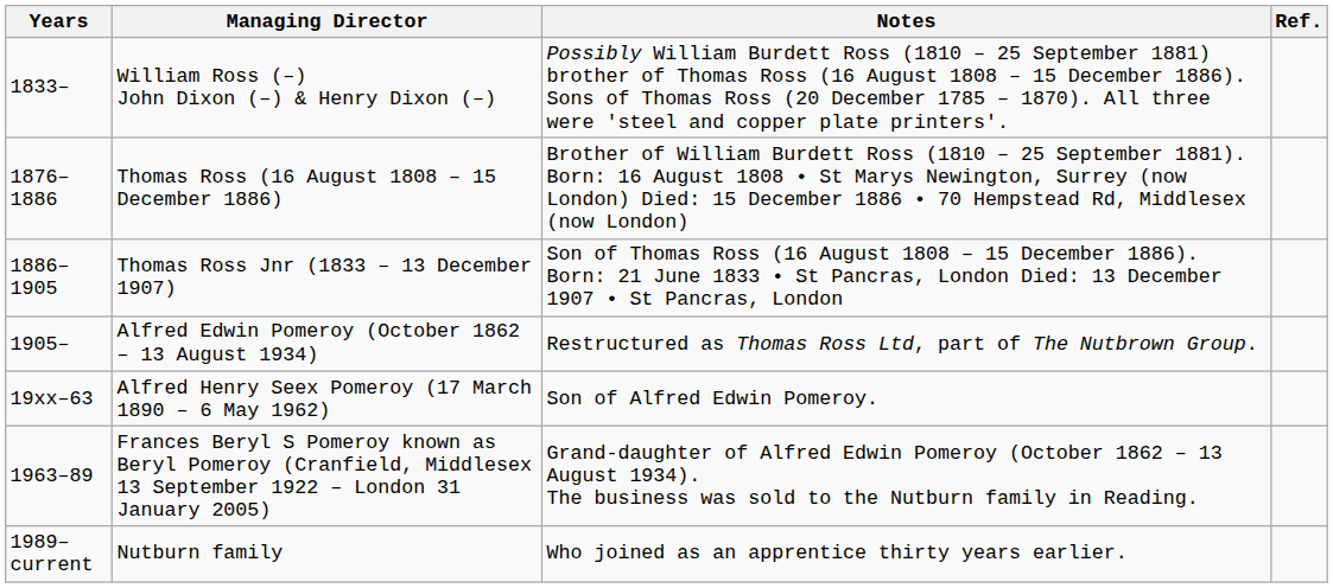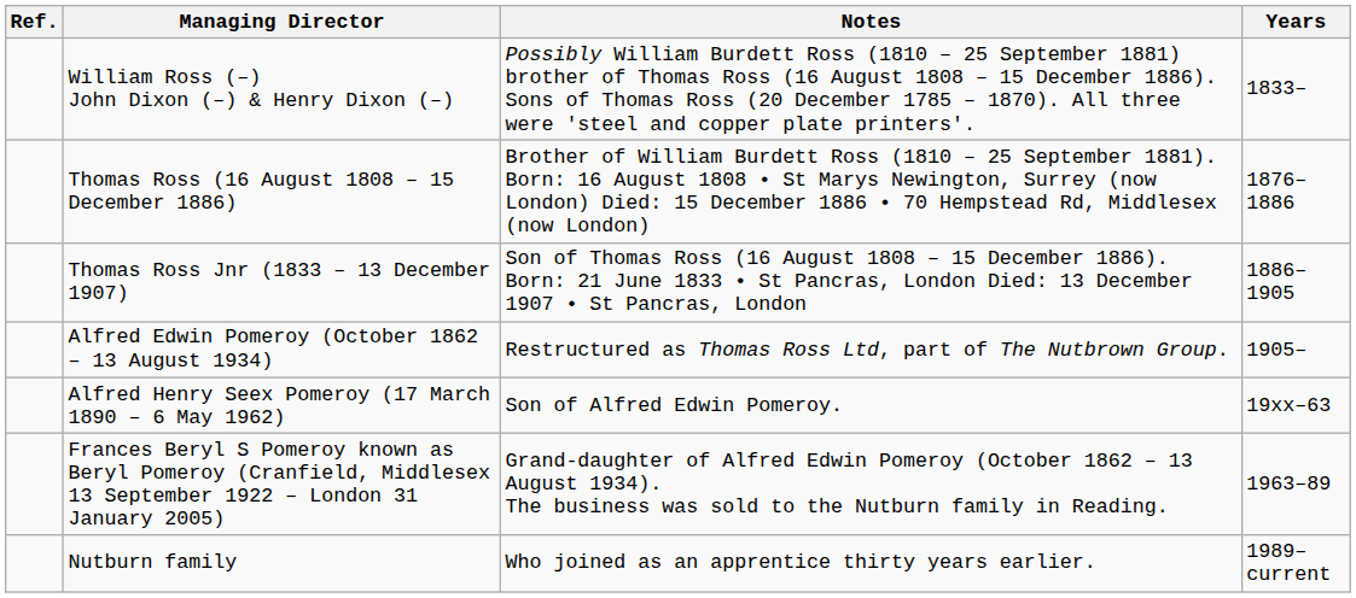 <table class="wikitable sortable mw-collapsible">
 <tr>
-<th>Years</th>
+<th>Ref.</th>
 <th>Managing Director</th>
 <th>Notes</th>
-<th>Ref.</th>
+<th>Years</th>
 </tr>
 <tr>
-<td>1833–</td>
+<td></td>
 <td>William Ross (–)<br>John Dixon (–) & Henry Dixon (–)</td>
 <td><em>Possibly</em> William Burdett Ross (1810 – 25 September 1881) brother of Thomas Ross (16 August 1808 – 15 December 1886). Sons of Thomas Ross (20 December 1785 – 1870). All three were 'steel and copper plate printers'.</td>
-<td></td>
+<td>1833–</td>
 </tr>
 <tr>
-<td>1876–1886</td>
+<td></td>
 <td>Thomas Ross (16 August 1808 – 15 December 1886)</td>
 <td>Brother of William Burdett Ross (1810 – 25 September 1881).<br>Born: 16 August 1808 • St Marys Newington, Surrey (now London) Died: 15 December 1886 • 70 Hempstead Rd, Middlesex (now London)</td>
-<td></td>
+<td>1876–1886</td>
 </tr>
 <tr>
-<td>1886–1905</td>
+<td></td>
 <td>Thomas Ross Jnr (1833 – 13 December 1907)</td>
 <td>Son of Thomas Ross (16 August 1808 – 15 December 1886).<br>Born: 21 June 1833 • St Pancras, London Died: 13 December 1907 • St Pancras, London</td>
-<td></td>
+<td>1886–1905</td>
 </tr>
 <tr>
-<td>1905–</td>
+<td></td>
 <td>Alfred Edwin Pomeroy (October 1862 – 13 August 1934)</td>
 <td>Restructured as <em>Thomas Ross Ltd</em>, part of <em>The Nutbrown Group</em>.</td>
-<td></td>
+<td>1905–</td>
 </tr>
 <tr>
-<td>19xx–63</td>
+<td></td>
 <td>Alfred Henry Seex Pomeroy (17 March 1890 – 6 May 1962)</td>
 <td>Son of Alfred Edwin Pomeroy.</td>
-<td></td>
+<td>19xx–63</td>
 </tr>
 <tr>
-<td>1963–89</td>
+<td></td>
 <td>Frances Beryl S Pomeroy known as Beryl Pomeroy (Cranfield, Middlesex 13 September 1922 – London 31 January 2005)</td>
 <td>Grand-daughter of Alfred Edwin Pomeroy (October 1862 – 13 August 1934).<br>The business was sold to the Nutburn family in Reading.</td>
-<td></td>
+<td>1963–89</td>
 </tr>
 <tr>
-<td>1989–current</td>
+<td></td>
 <td>Nutburn family</td>
 <td>Who joined as an apprentice thirty years earlier.</td>
-<td></td>
+<td>1989–current</td>
 </tr>
 </table>
